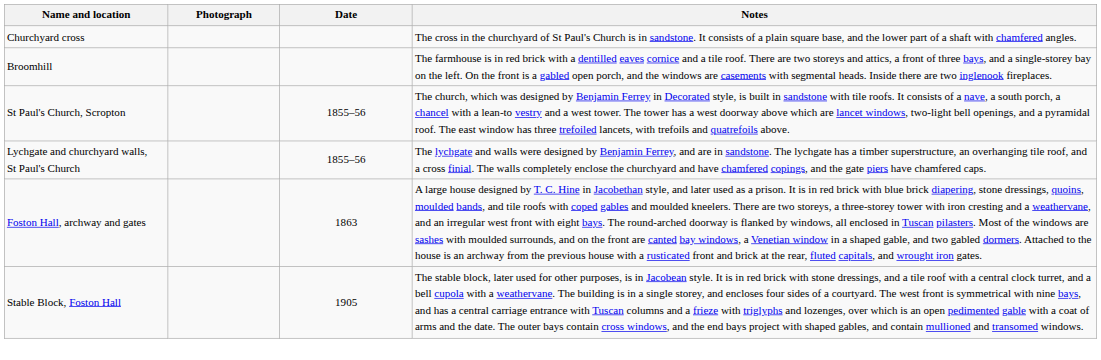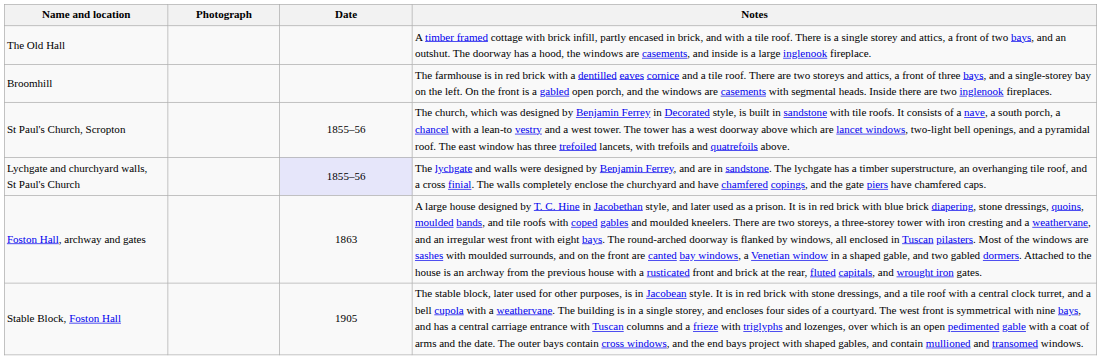 <table class="wikitable sortable plainrowheaders" style="width:100%;border:0px;text-align:left;line-height:150%;">
 <tr>
 <th scope="col"  style="width:150px">Name and location</th>
 <th scope="col"  style="width:100px" class="unsortable">Photograph</th>
 <th scope="col"  style="width:120px">Date</th>
 <th scope="col"  style="width:650px" class="unsortable">Notes</th>
 </tr>
 <tr>
-<td>Churchyard cross<br><small></small></td>
+<td>The Old Hall<br><small></small></td>
 <td></td>
 <td align="center"></td>
-<td>The cross in the churchyard of St Paul's Church is in <a href='#'>sandstone</a>.  It consists of a plain square base, and the lower part of a shaft with <a href='#'>chamfered</a> angles.</td>
+<td>A <a href='#'>timber framed</a> cottage with brick infill, partly encased in brick, and with a tile roof.  There is a single storey and attics, a front of two <a href='#'>bays</a>, and an outshut.  The doorway has a hood, the windows are <a href='#'>casements</a>, and inside is a large <a href='#'>inglenook</a> fireplace.</td>
 </tr>
 <tr>
 <td>Broomhill<br><small></small></td>
 <td></td>
 <td align="center"></td>
 <td>The farmhouse is in red brick with a <a href='#'>dentilled</a> <a href='#'>eaves</a> <a href='#'>cornice</a> and a tile roof.  There are two storeys and attics, a front of three <a href='#'>bays</a>, and a single-storey bay on the left.  On the front is a <a href='#'>gabled</a> open porch, and the windows are <a href='#'>casements</a> with segmental heads.  Inside there are two <a href='#'>inglenook</a> fireplaces.</td>
 </tr>
 <tr>
 <td>St Paul's Church, Scropton<br><small></small></td>
 <td></td>
 <td align="center">1855–56</td>
 <td>The church, which was designed by <a href='#'>Benjamin Ferrey</a> in <a href='#'>Decorated</a> style, is built in <a href='#'>sandstone</a> with tile roofs.  It consists of a <a href='#'>nave</a>, a south porch, a <a href='#'>chancel</a>  with a lean-to <a href='#'>vestry</a> and a west tower.  The tower has a west doorway above which are <a href='#'>lancet windows</a>, two-light bell openings, and a pyramidal roof.  The east window has three <a href='#'>trefoiled</a> lancets, with trefoils and <a href='#'>quatrefoils</a> above.</td>
 </tr>
 <tr>
 <td>Lychgate and churchyard walls,<br>St Paul's Church<br><small></small></td>
 <td></td>
-<td align="center">1855–56</td>
+<td align="center" style="background: lavender;">1855–56</td>
 <td>The <a href='#'>lychgate</a> and walls were designed by <a href='#'>Benjamin Ferrey</a>, and are in <a href='#'>sandstone</a>.  The lychgate has a timber superstructure, an overhanging tile roof, and a cross <a href='#'>finial</a>.  The walls completely enclose the churchyard and have <a href='#'>chamfered</a> <a href='#'>copings</a>, and the gate <a href='#'>piers</a> have chamfered caps.</td>
 </tr>
 <tr>
 <td><a href='#'>Foston Hall</a>, archway and gates<br><small></small></td>
 <td></td>
 <td align="center">1863</td>
 <td>A large house designed by <a href='#'>T. C. Hine</a> in <a href='#'>Jacobethan</a> style, and later used as a prison.  It is in red brick with blue brick <a href='#'>diapering</a>, stone dressings, <a href='#'>quoins</a>, <a href='#'>moulded</a> <a href='#'>bands</a>, and tile roofs with <a href='#'>coped</a> <a href='#'>gables</a> and moulded kneelers.  There are two storeys, a three-storey tower with iron cresting and a <a href='#'>weathervane</a>, and an irregular west front with eight <a href='#'>bays</a>.  The round-arched doorway is flanked by windows, all enclosed in <a href='#'>Tuscan</a> <a href='#'>pilasters</a>.  Most of the windows are <a href='#'>sashes</a> with moulded surrounds, and on the front are <a href='#'>canted</a> <a href='#'>bay windows</a>, a <a href='#'>Venetian window</a> in a shaped gable, and two gabled <a href='#'>dormers</a>.  Attached to the house is an archway from the previous house with a <a href='#'>rusticated</a> front and brick at the rear, <a href='#'>fluted</a> <a href='#'>capitals</a>, and <a href='#'>wrought iron</a> gates.</td>
 </tr>
 <tr>
 <td>Stable Block, <a href='#'>Foston Hall</a><br><small></small></td>
 <td></td>
 <td align="center">1905</td>
 <td>The stable block, later used for other purposes, is in <a href='#'>Jacobean</a> style.  It is in red brick with stone dressings, and a tile roof with a central clock turret, and a bell <a href='#'>cupola</a> with a <a href='#'>weathervane</a>.  The building is in a single storey, and encloses four sides of a courtyard.  The west front is symmetrical with nine <a href='#'>bays</a>, and has a central carriage entrance with <a href='#'>Tuscan</a> columns and a <a href='#'>frieze</a> with <a href='#'>triglyphs</a> and lozenges, over which is an open <a href='#'>pedimented</a> <a href='#'>gable</a> with a coat of arms and the date.  The outer bays contain <a href='#'>cross windows</a>, and the end bays project with shaped gables, and contain <a href='#'>mullioned</a> and <a href='#'>transomed</a> windows.</td>
 </tr>
 <tr>
 </tr>
 </table>
